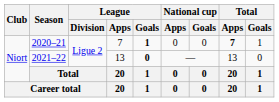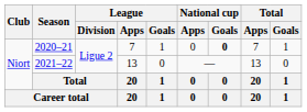 <table class="wikitable" style="text-align: center">
 <tr>
 <th rowspan="2">Club</th>
 <th rowspan="2">Season</th>
 <th colspan="3">League</th>
 <th colspan="2">National cup</th>
 <th colspan="2">Total</th>
 </tr>
 <tr>
 <th>Division</th>
 <th>Apps</th>
 <th>Goals</th>
 <th>Apps</th>
 <th>Goals</th>
 <th>Apps</th>
 <th>Goals</th>
 </tr>
 <tr>
 <td rowspan="3"><a href='#'>Niort</a></td>
 <td><a href='#'>2020–21</a></td>
 <td rowspan="2"><a href='#'>Ligue 2</a></td>
 <td>7</td>
-<td><strong>1</strong></td>
+<td>1</td>
 <td>0</td>
-<td>0</td>
-<td><strong>7</strong></td>
+<td><strong>0</strong></td>
+<td>7</td>
 <td>1</td>
 </tr>
 <tr>
 <td><a href='#'>2021–22</a></td>
 <td>13</td>
-<td><strong>0</strong></td>
+<td>0</td>
 <td colspan="2">—</td>
 <td>13</td>
 <td>0</td>
 </tr>
 <tr>
 <th colspan="2">Total</th>
 <th>20</th>
 <th>1</th>
 <th>0</th>
 <th>0</th>
 <th>20</th>
 <th>1</th>
 </tr>
 <tr>
 <th colspan="3">Career total</th>
 <th>20</th>
 <th>1</th>
 <th>0</th>
 <th>0</th>
 <th>20</th>
 <th>1</th>
 </tr>
 </table>
